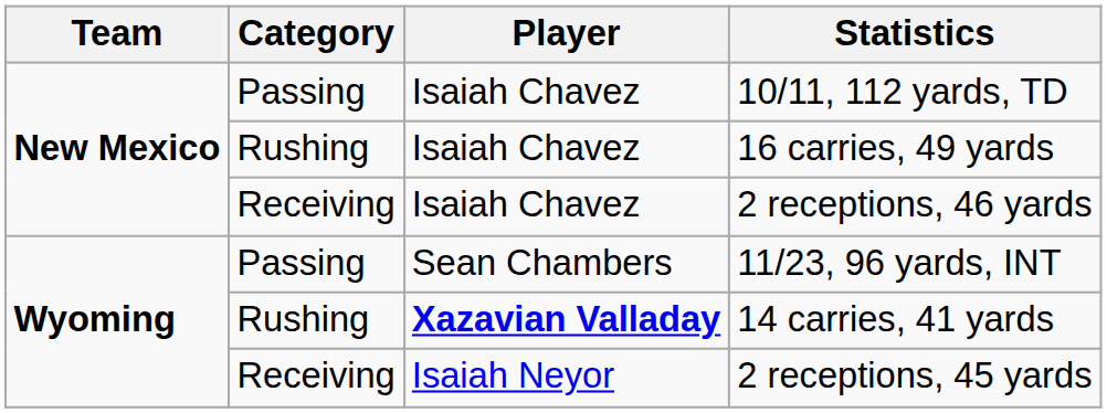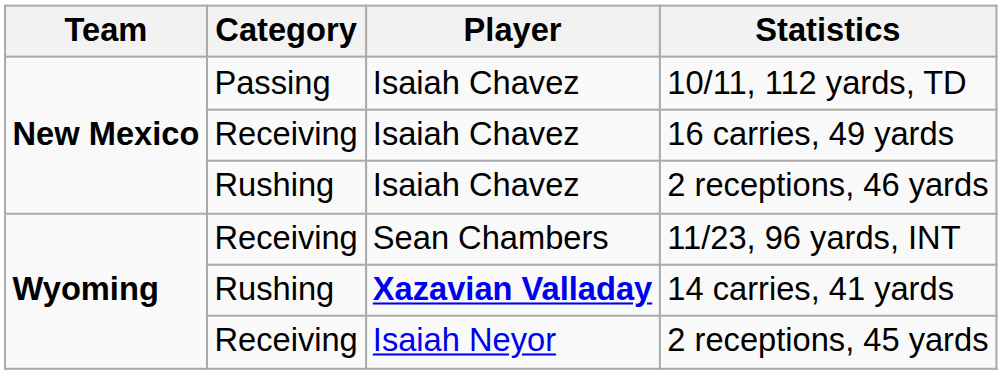 <table class="wikitable" style="float: left;">
 <tr>
 <th>Team</th>
 <th>Category</th>
 <th>Player</th>
 <th>Statistics</th>
 </tr>
 <tr>
 <td rowspan=3><strong>New Mexico</strong></td>
 <td>Passing</td>
 <td>Isaiah Chavez</td>
 <td>10/11, 112 yards, TD</td>
 </tr>
 <tr>
-<td>Rushing</td>
+<td>Receiving</td>
 <td>Isaiah Chavez</td>
 <td>16 carries, 49 yards</td>
 </tr>
 <tr>
-<td>Receiving</td>
+<td>Rushing</td>
 <td>Isaiah Chavez</td>
 <td>2 receptions, 46 yards</td>
 </tr>
 <tr>
 <td rowspan=3><strong>Wyoming</strong></td>
-<td>Passing</td>
+<td>Receiving</td>
 <td>Sean Chambers</td>
 <td>11/23, 96 yards, INT</td>
 </tr>
 <tr>
 <td>Rushing</td>
 <td><strong><a href='#'>Xazavian Valladay</a></strong></td>
 <td>14 carries, 41 yards</td>
 </tr>
 <tr>
 <td>Receiving</td>
 <td><a href='#'>Isaiah Neyor</a></td>
 <td>2 receptions, 45 yards</td>
 </tr>
 </table>
